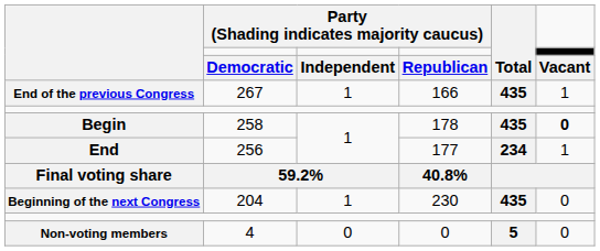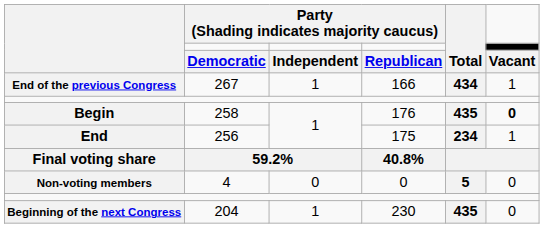 <table class=wikitable style="text-align:center">
 <tr style="vertical-align:bottom">
 <th rowspan=3></th>
 <th colspan=3>Party <div>(Shading indicates majority caucus)</div></th>
 <th rowspan=3>Total</th>
 <td></td>
 </tr>
 <tr style="height:5px">
 <td style="background-color:"></td>
 <td style="background-color:"></td>
 <td style="background-color:"></td>
 <td style="background-color:black"></td>
 </tr>
 <tr>
 <th><a href='#'>Democratic</a></th>
 <th>Independent</th>
 <th><a href='#'>Republican</a></th>
 <th>Vacant</th>
 </tr>
 <tr>
 <th nowrap style="font-size:80%">End of the <a href='#'>previous Congress</a></th>
 <td>267</td>
 <td>1</td>
 <td>166</td>
-<th>435</th>
+<th>434</th>
 <td>1</td>
 </tr>
 <tr>
 <td colspan=6></td>
 </tr>
 <tr>
 <th>Begin</th>
 <td>258</td>
 <td rowspan=2 >1</td>
-<td>178</td>
+<td>176</td>
 <th>435</th>
 <td><strong>0</strong></td>
 </tr>
 <tr>
 <th>End</th>
 <td>256</td>
-<td>177</td>
+<td>175</td>
 <th>234</th>
 <td>1</td>
 </tr>
 <tr>
 <th>Final voting share</th>
 <th colspan=2 >59.2%</th>
 <th>40.8%</th>
 <th colspan=2></th>
 </tr>
 <tr>
+<th nowrap style="font-size:80%">Non-voting members</th>
+<td>4</td>
+<td>0</td>
+<td>0</td>
+<th>5</th>
+<td>0</td>
+</tr>
+<tr>
+<td colspan=6></td>
+</tr>
+<tr>
 <th nowrap style="font-size:80%">Beginning of the <a href='#'>next Congress</a></th>
 <td>204</td>
 <td>1</td>
 <td>230</td>
 <th>435</th>
 <td>0</td>
 </tr>
-<tr>
-<td colspan=6></td>
-</tr>
-<tr>
-<th nowrap style="font-size:80%">Non-voting members</th>
-<td>4</td>
-<td>0</td>
-<td>0</td>
-<th>5</th>
-<td>0</td>
-</tr>
 </table>
